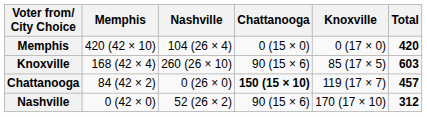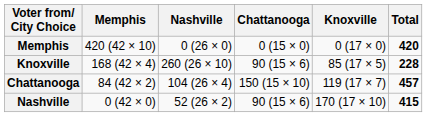 <table class="wikitable" border="1" style="empty-cells: show; text-align:right;">
 <tr>
 <th>Voter from/<br>City Choice</th>
 <th>Memphis</th>
 <th>Nashville</th>
 <th>Chattanooga</th>
 <th>Knoxville</th>
 <th>Total</th>
 </tr>
 <tr>
 <th>Memphis</th>
 <td>420 (42 × 10)</td>
-<td>104 (26 × 4)</td>
+<td>0 (26 × 0)</td>
 <td>0 (15 × 0)</td>
 <td>0 (17 × 0)</td>
 <td><strong>420</strong></td>
 </tr>
 <tr>
 <th>Knoxville</th>
 <td>168 (42 × 4)</td>
 <td>260 (26 × 10)</td>
 <td>90 (15 × 6)</td>
 <td>85 (17 × 5)</td>
-<td><strong> 603</strong></td>
+<td><strong> 228</strong></td>
 </tr>
 <tr>
 <th>Chattanooga</th>
 <td>84 (42 × 2)</td>
-<td>0 (26 × 0)</td>
-<td><strong>150 (15 × 10)</strong></td>
+<td>104 (26 × 4)</td>
+<td>150 (15 × 10)</td>
 <td>119 (17 × 7)</td>
 <td><strong>457</strong></td>
 </tr>
 <tr>
 <th>Nashville</th>
 <td>0 (42 × 0)</td>
 <td>52 (26 × 2)</td>
 <td>90 (15 × 6)</td>
 <td>170 (17 × 10)</td>
-<td><strong>312</strong></td>
+<td><strong>415</strong></td>
 </tr>
 </table>
